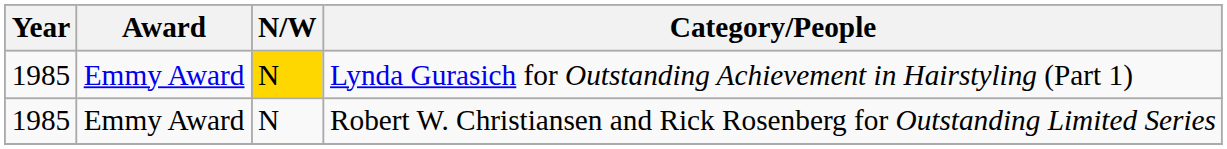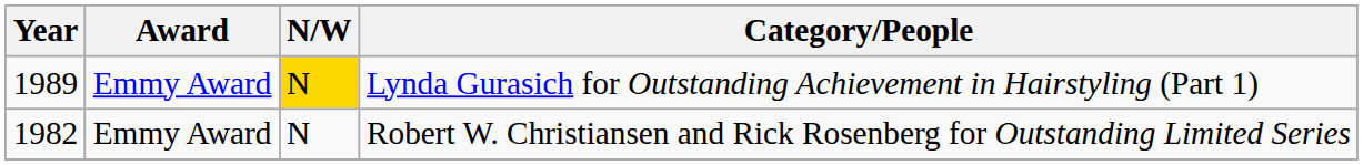 <table class="wikitable">
 <tr>
 <th>Year</th>
 <th>Award</th>
 <th>N/W</th>
 <th>Category/People</th>
 </tr>
 <tr>
-<td>1985</td>
+<td>1989</td>
 <td><a href='#'>Emmy Award</a></td>
 <td style="background: gold;">N</td>
 <td><a href='#'>Lynda Gurasich</a> for <em>Outstanding Achievement in Hairstyling</em> (Part 1)</td>
 </tr>
 <tr>
-<td>1985</td>
+<td>1982</td>
 <td>Emmy Award</td>
 <td>N</td>
 <td>Robert W. Christiansen and Rick Rosenberg for <em>Outstanding Limited Series</em></td>
 </tr>
 <tr>
 </tr>
 </table>
